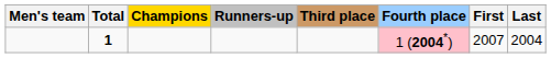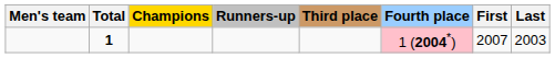 <table class="wikitable" style="text-align: center; font-size: 90%; margin-left: 1em;">
 <tr>
 <th>Men's team</th>
 <th>Total</th>
 <th style="background-color: gold;">Champions</th>
 <th style="background-color: silver;">Runners-up</th>
 <th style="background-color: #cc9966;">Third place</th>
 <th style="background-color: #9acdff;">Fourth place</th>
 <th>First</th>
 <th>Last</th>
 </tr>
 <tr>
 <td style="text-align: left;"></td>
 <td><strong>1</strong></td>
 <td></td>
 <td></td>
 <td></td>
 <td style="background: pink;">1 (<strong>2004</strong><sup>*</sup>)</td>
 <td>2007</td>
-<td>2004</td>
+<td>2003</td>
 </tr>
 </table>
